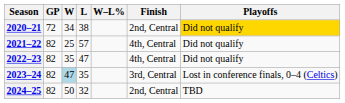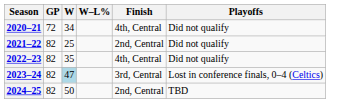 <table class="wikitable plainrowheaders">
 <tr>
 <th scope="col">Season</th>
 <th scope="col">GP</th>
 <th scope="col">W</th>
-<th scope="col">L</th>
 <th scope="col">W–L%</th>
 <th scope="col">Finish</th>
 <th scope="col">Playoffs</th>
 </tr>
 <tr>
 <th scope="row"><a href='#'>2020–21</a></th>
 <td>72</td>
 <td>34</td>
-<td>38</td>
 <td></td>
-<td>2nd, Central</td>
-<td style="background: gold;">Did not qualify</td>
+<td>4th, Central</td>
+<td>Did not qualify</td>
 </tr>
 <tr>
 <th scope="row"><a href='#'>2021–22</a></th>
 <td>82</td>
 <td>25</td>
-<td>57</td>
 <td></td>
-<td>4th, Central</td>
+<td>2nd, Central</td>
 <td>Did not qualify</td>
 </tr>
 <tr>
 <th scope="row"><a href='#'>2022–23</a></th>
 <td>82</td>
 <td>35</td>
-<td>47</td>
 <td></td>
 <td>4th, Central</td>
 <td>Did not qualify</td>
 </tr>
 <tr>
 <th scope="row"><a href='#'>2023–24</a></th>
 <td>82</td>
 <td style="background: lightblue;">47</td>
-<td>35</td>
 <td></td>
 <td>3rd, Central</td>
 <td>Lost in conference finals, 0–4 (<a href='#'>Celtics</a>)</td>
 </tr>
 <tr>
 <th scope="row"><a href='#'>2024–25</a></th>
 <td>82</td>
 <td>50</td>
-<td>32</td>
 <td></td>
 <td>2nd, Central</td>
 <td>TBD</td>
 </tr>
 </table>
